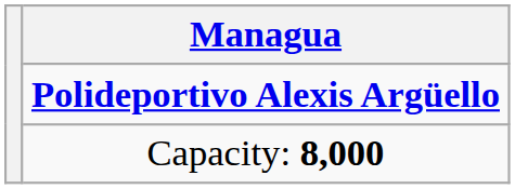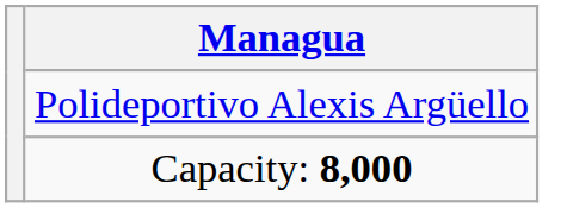 <table class="wikitable" style="text-align:center">
 <tr>
 <th rowspan="4"></th>
 <th><a href='#'>Managua</a></th>
 </tr>
 <tr>
-<td><strong><a href='#'>Polideportivo Alexis Argüello</a></strong></td>
+<td><a href='#'>Polideportivo Alexis Argüello</a></td>
 </tr>
 <tr>
 <td>Capacity: <strong>8,000</strong></td>
 </tr>
 </table>
